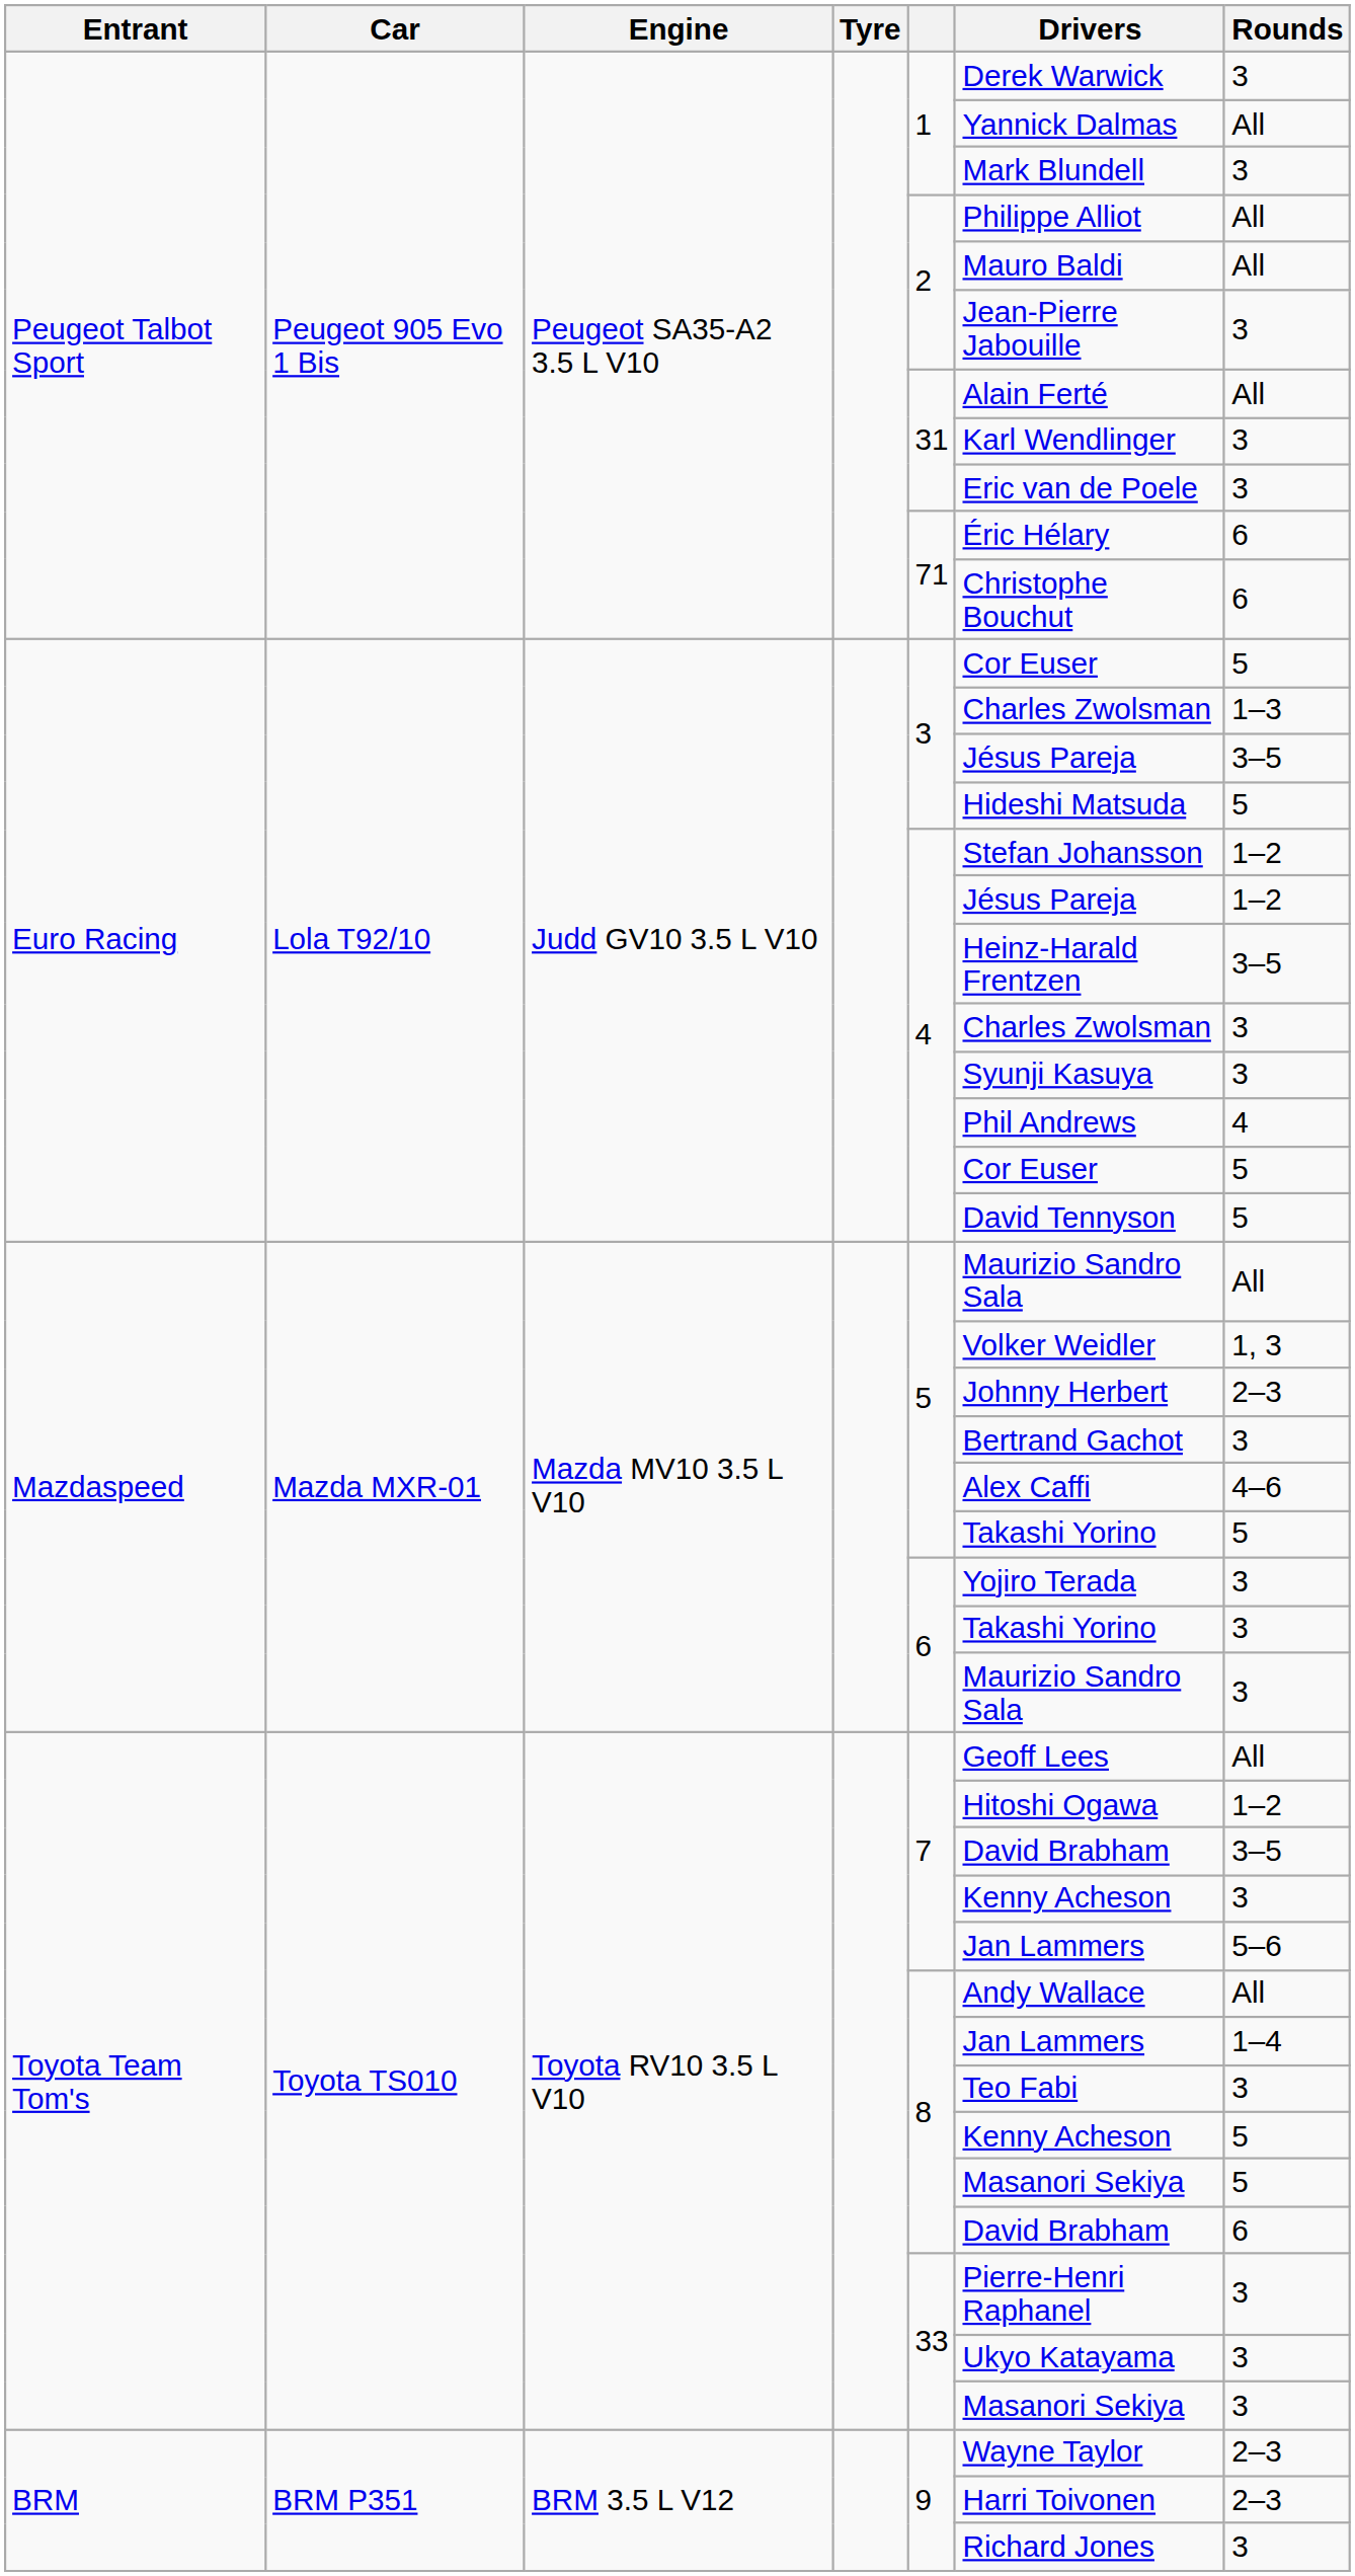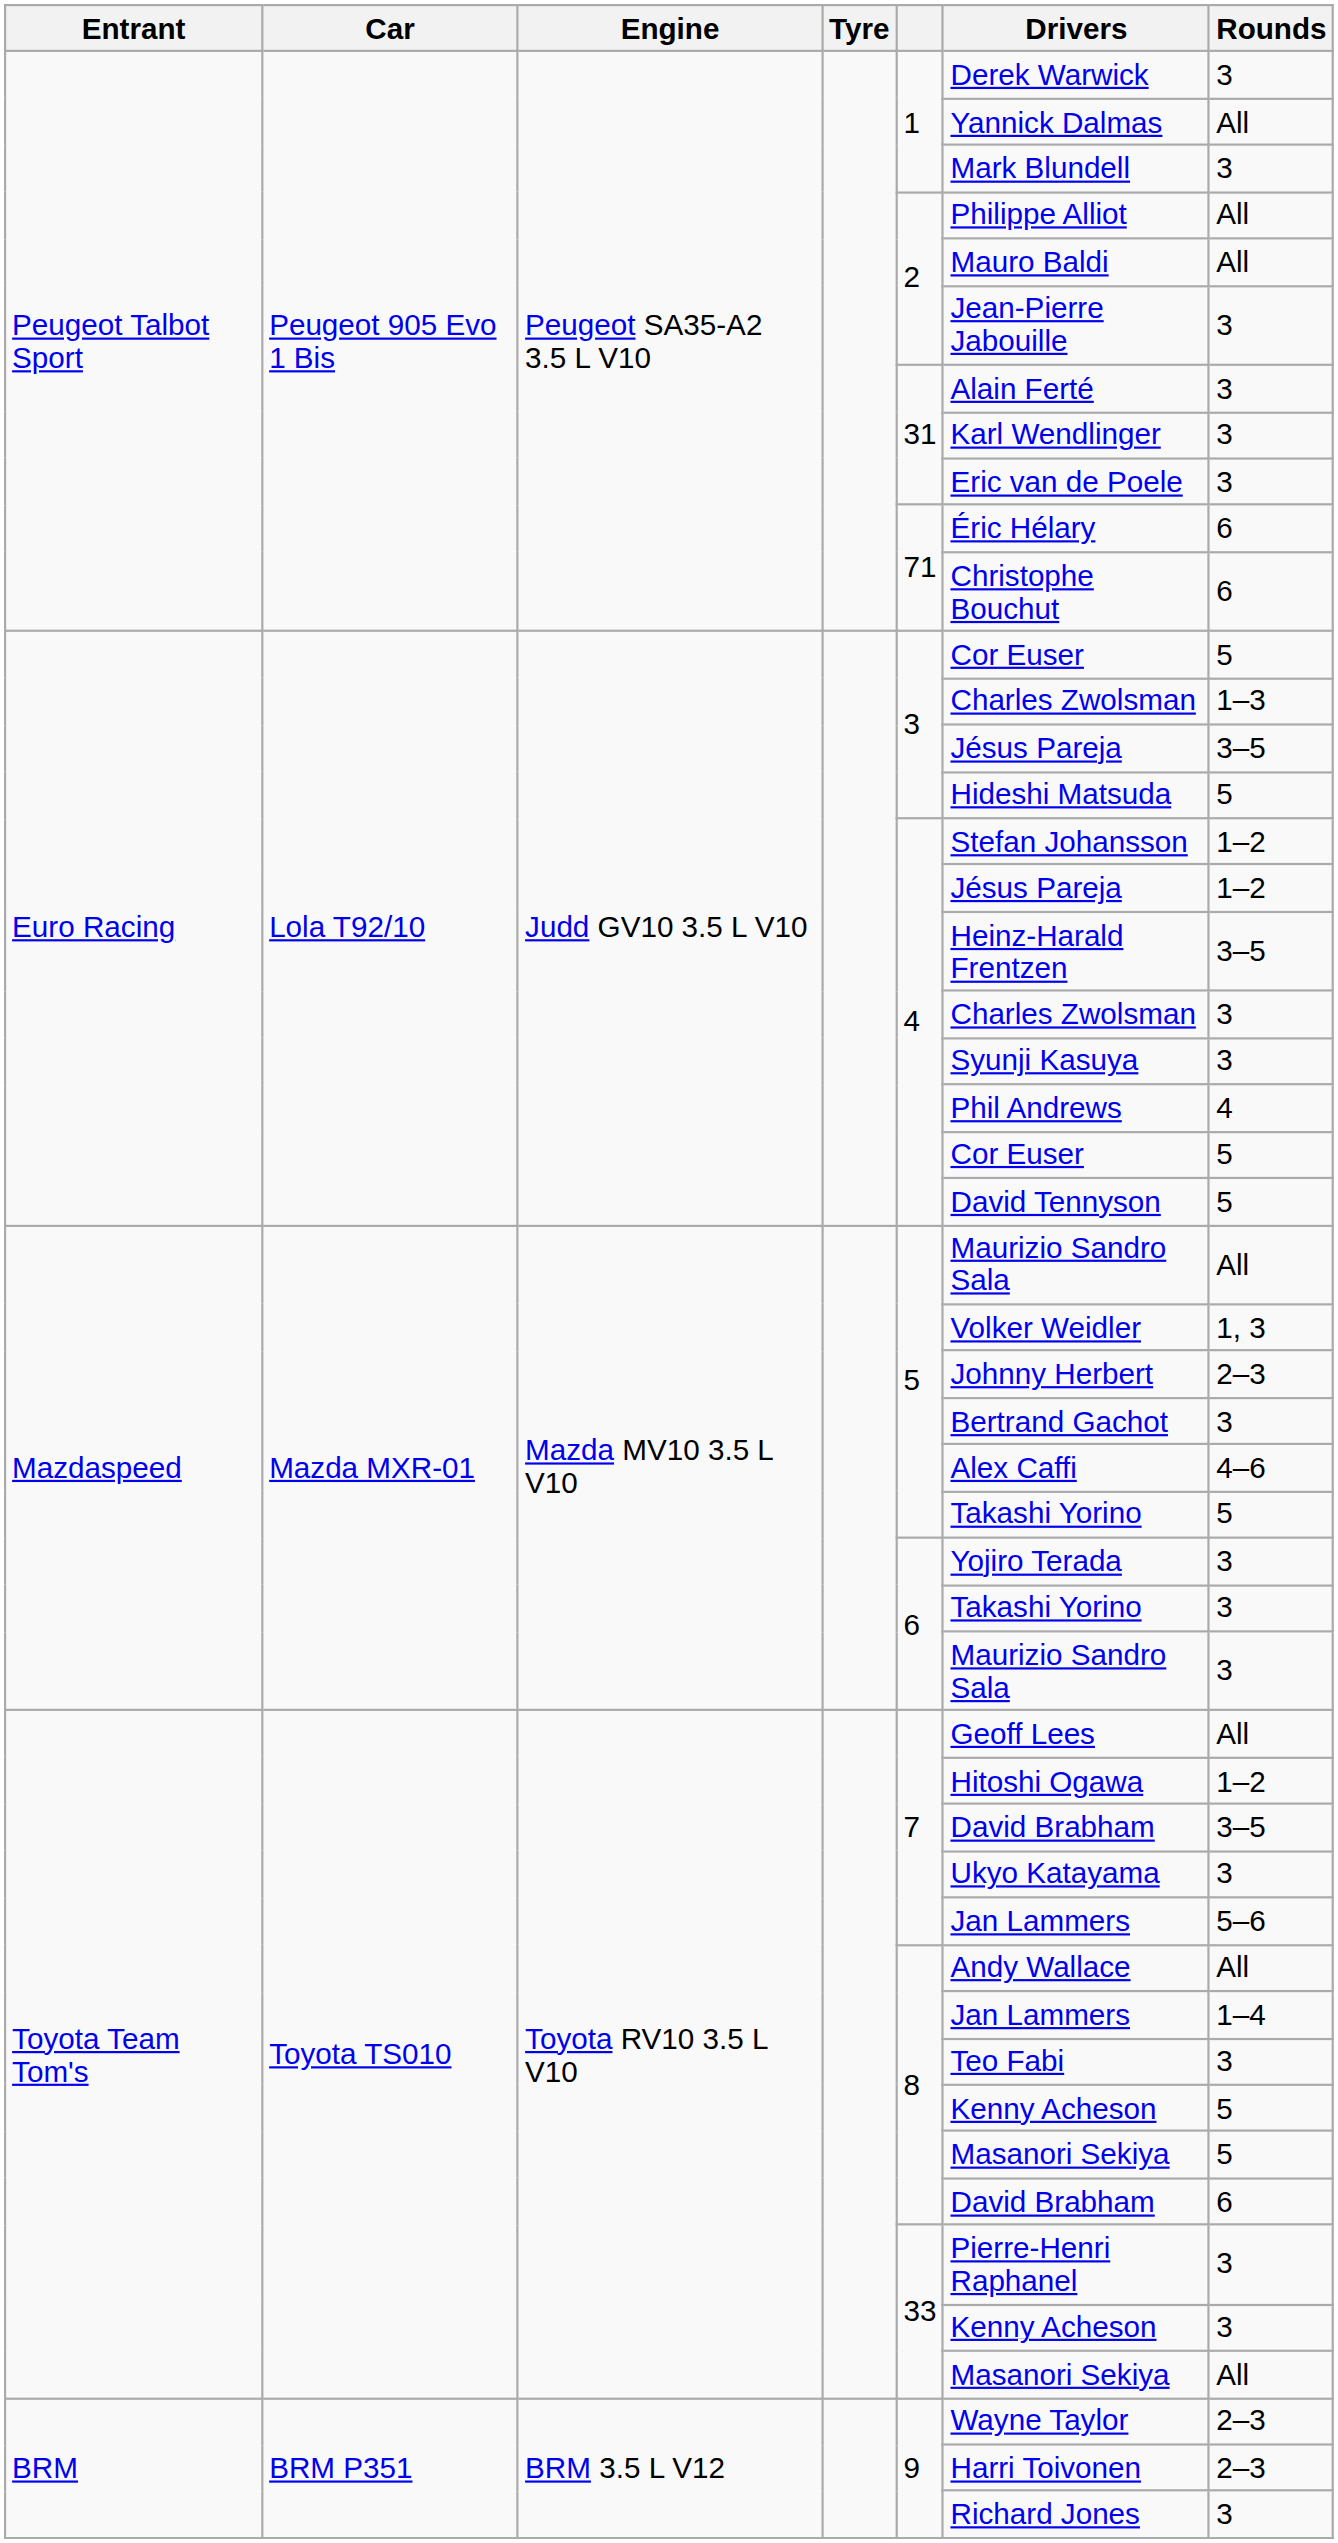 <table class="wikitable" style="font-size: 85%">
 <tr>
 <th>Entrant</th>
 <th>Car</th>
 <th>Engine</th>
 <th>Tyre</th>
 <th></th>
 <th>Drivers</th>
 <th>Rounds</th>
 </tr>
 <tr>
 <td rowspan=11> <a href='#'>Peugeot Talbot Sport</a></td>
 <td rowspan=11><a href='#'>Peugeot 905 Evo 1 Bis</a></td>
 <td rowspan=11><a href='#'>Peugeot</a> SA35-A2 3.5 L V10</td>
 <td rowspan=11></td>
 <td rowspan=3>1</td>
 <td> <a href='#'>Derek Warwick</a></td>
 <td>3</td>
 </tr>
 <tr>
 <td> <a href='#'>Yannick Dalmas</a></td>
 <td>All</td>
 </tr>
 <tr>
 <td> <a href='#'>Mark Blundell</a></td>
 <td>3</td>
 </tr>
 <tr>
 <td rowspan=3>2</td>
 <td> <a href='#'>Philippe Alliot</a></td>
 <td>All</td>
 </tr>
 <tr>
 <td> <a href='#'>Mauro Baldi</a></td>
 <td>All</td>
 </tr>
 <tr>
 <td> <a href='#'>Jean-Pierre Jabouille</a></td>
 <td>3</td>
 </tr>
 <tr>
 <td rowspan=3>31</td>
 <td> <a href='#'>Alain Ferté</a></td>
-<td>All</td>
+<td>3</td>
 </tr>
 <tr>
 <td> <a href='#'>Karl Wendlinger</a></td>
 <td>3</td>
 </tr>
 <tr>
 <td> <a href='#'>Eric van de Poele</a></td>
 <td>3</td>
 </tr>
 <tr>
 <td rowspan=2>71</td>
 <td> <a href='#'>Éric Hélary</a></td>
 <td>6</td>
 </tr>
 <tr>
 <td> <a href='#'>Christophe Bouchut</a></td>
 <td>6</td>
 </tr>
 <tr>
 <td rowspan=12> <a href='#'>Euro Racing</a></td>
 <td rowspan=12><a href='#'>Lola T92/10</a></td>
 <td rowspan=12><a href='#'>Judd</a> GV10 3.5 L V10</td>
 <td rowspan=12></td>
 <td rowspan=4>3</td>
 <td> <a href='#'>Cor Euser</a></td>
 <td>5</td>
 </tr>
 <tr>
 <td> <a href='#'>Charles Zwolsman</a></td>
 <td>1–3</td>
 </tr>
 <tr>
 <td> <a href='#'>Jésus Pareja</a></td>
 <td>3–5</td>
 </tr>
 <tr>
 <td> <a href='#'>Hideshi Matsuda</a></td>
 <td>5</td>
 </tr>
 <tr>
 <td rowspan=8>4</td>
 <td> <a href='#'>Stefan Johansson</a></td>
 <td>1–2</td>
 </tr>
 <tr>
 <td> <a href='#'>Jésus Pareja</a></td>
 <td>1–2</td>
 </tr>
 <tr>
 <td> <a href='#'>Heinz-Harald Frentzen</a></td>
 <td>3–5</td>
 </tr>
 <tr>
 <td> <a href='#'>Charles Zwolsman</a></td>
 <td>3</td>
 </tr>
 <tr>
 <td> <a href='#'>Syunji Kasuya</a></td>
 <td>3</td>
 </tr>
 <tr>
 <td> <a href='#'>Phil Andrews</a></td>
 <td>4</td>
 </tr>
 <tr>
 <td> <a href='#'>Cor Euser</a></td>
 <td>5</td>
 </tr>
 <tr>
 <td> <a href='#'>David Tennyson</a></td>
 <td>5</td>
 </tr>
 <tr>
 <td rowspan=9> <a href='#'>Mazdaspeed</a></td>
 <td rowspan=9><a href='#'>Mazda MXR-01</a></td>
 <td rowspan=9><a href='#'>Mazda</a> MV10 3.5 L V10</td>
 <td rowspan=9></td>
 <td rowspan=6>5</td>
 <td> <a href='#'>Maurizio Sandro Sala</a></td>
 <td>All</td>
 </tr>
 <tr>
 <td> <a href='#'>Volker Weidler</a></td>
 <td>1, 3</td>
 </tr>
 <tr>
 <td> <a href='#'>Johnny Herbert</a></td>
 <td>2–3</td>
 </tr>
 <tr>
 <td> <a href='#'>Bertrand Gachot</a></td>
 <td>3</td>
 </tr>
 <tr>
 <td> <a href='#'>Alex Caffi</a></td>
 <td>4–6</td>
 </tr>
 <tr>
 <td> <a href='#'>Takashi Yorino</a></td>
 <td>5</td>
 </tr>
 <tr>
 <td rowspan=3>6</td>
 <td> <a href='#'>Yojiro Terada</a></td>
 <td>3</td>
 </tr>
 <tr>
 <td> <a href='#'>Takashi Yorino</a></td>
 <td>3</td>
 </tr>
 <tr>
 <td> <a href='#'>Maurizio Sandro Sala</a></td>
 <td>3</td>
 </tr>
 <tr>
 <td rowspan=14> <a href='#'>Toyota Team Tom's</a></td>
 <td rowspan=14><a href='#'>Toyota TS010</a></td>
 <td rowspan=14><a href='#'>Toyota</a> RV10 3.5 L V10</td>
 <td rowspan=14></td>
 <td rowspan=5>7</td>
 <td> <a href='#'>Geoff Lees</a></td>
 <td>All</td>
 </tr>
 <tr>
 <td> <a href='#'>Hitoshi Ogawa</a></td>
 <td>1–2</td>
 </tr>
 <tr>
 <td> <a href='#'>David Brabham</a></td>
 <td>3–5</td>
 </tr>
 <tr>
-<td> <a href='#'>Kenny Acheson</a></td>
+<td> <a href='#'>Ukyo Katayama</a></td>
 <td>3</td>
 </tr>
 <tr>
 <td> <a href='#'>Jan Lammers</a></td>
 <td>5–6</td>
 </tr>
 <tr>
 <td rowspan=6>8</td>
 <td> <a href='#'>Andy Wallace</a></td>
 <td>All</td>
 </tr>
 <tr>
 <td> <a href='#'>Jan Lammers</a></td>
 <td>1–4</td>
 </tr>
 <tr>
 <td> <a href='#'>Teo Fabi</a></td>
 <td>3</td>
 </tr>
 <tr>
 <td> <a href='#'>Kenny Acheson</a></td>
 <td>5</td>
 </tr>
 <tr>
 <td> <a href='#'>Masanori Sekiya</a></td>
 <td>5</td>
 </tr>
 <tr>
 <td> <a href='#'>David Brabham</a></td>
 <td>6</td>
 </tr>
 <tr>
 <td rowspan=3>33</td>
 <td> <a href='#'>Pierre-Henri Raphanel</a></td>
 <td>3</td>
 </tr>
 <tr>
-<td> <a href='#'>Ukyo Katayama</a></td>
+<td> <a href='#'>Kenny Acheson</a></td>
 <td>3</td>
 </tr>
 <tr>
 <td> <a href='#'>Masanori Sekiya</a></td>
-<td>3</td>
+<td>All</td>
 </tr>
 <tr>
 <td rowspan=3> <a href='#'>BRM</a></td>
 <td rowspan=3><a href='#'>BRM P351</a></td>
 <td rowspan=3><a href='#'>BRM</a> 3.5 L V12</td>
 <td rowspan=3></td>
 <td rowspan=3>9</td>
 <td> <a href='#'>Wayne Taylor</a></td>
 <td>2–3</td>
 </tr>
 <tr>
 <td> <a href='#'>Harri Toivonen</a></td>
 <td>2–3</td>
 </tr>
 <tr>
 <td> <a href='#'>Richard Jones</a></td>
 <td>3</td>
 </tr>
 <tr>
 </tr>
 </table>
